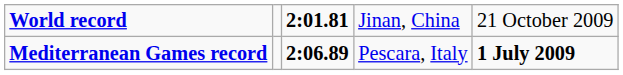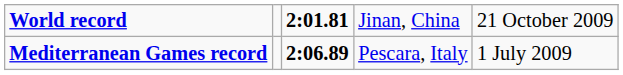 <table class="wikitable">
 <tr>
 <td><strong><a href='#'>World record</a></strong></td>
 <td></td>
 <td><strong>2:01.81</strong></td>
 <td><a href='#'>Jinan</a>, <a href='#'>China</a></td>
 <td>21 October 2009</td>
 </tr>
 <tr>
 <td><strong><a href='#'>Mediterranean Games record</a></strong></td>
 <td></td>
 <td><strong>2:06.89</strong></td>
 <td><a href='#'>Pescara</a>, <a href='#'>Italy</a></td>
-<td><strong>1 July 2009</strong></td>
+<td>1 July 2009</td>
 </tr>
 </table>
